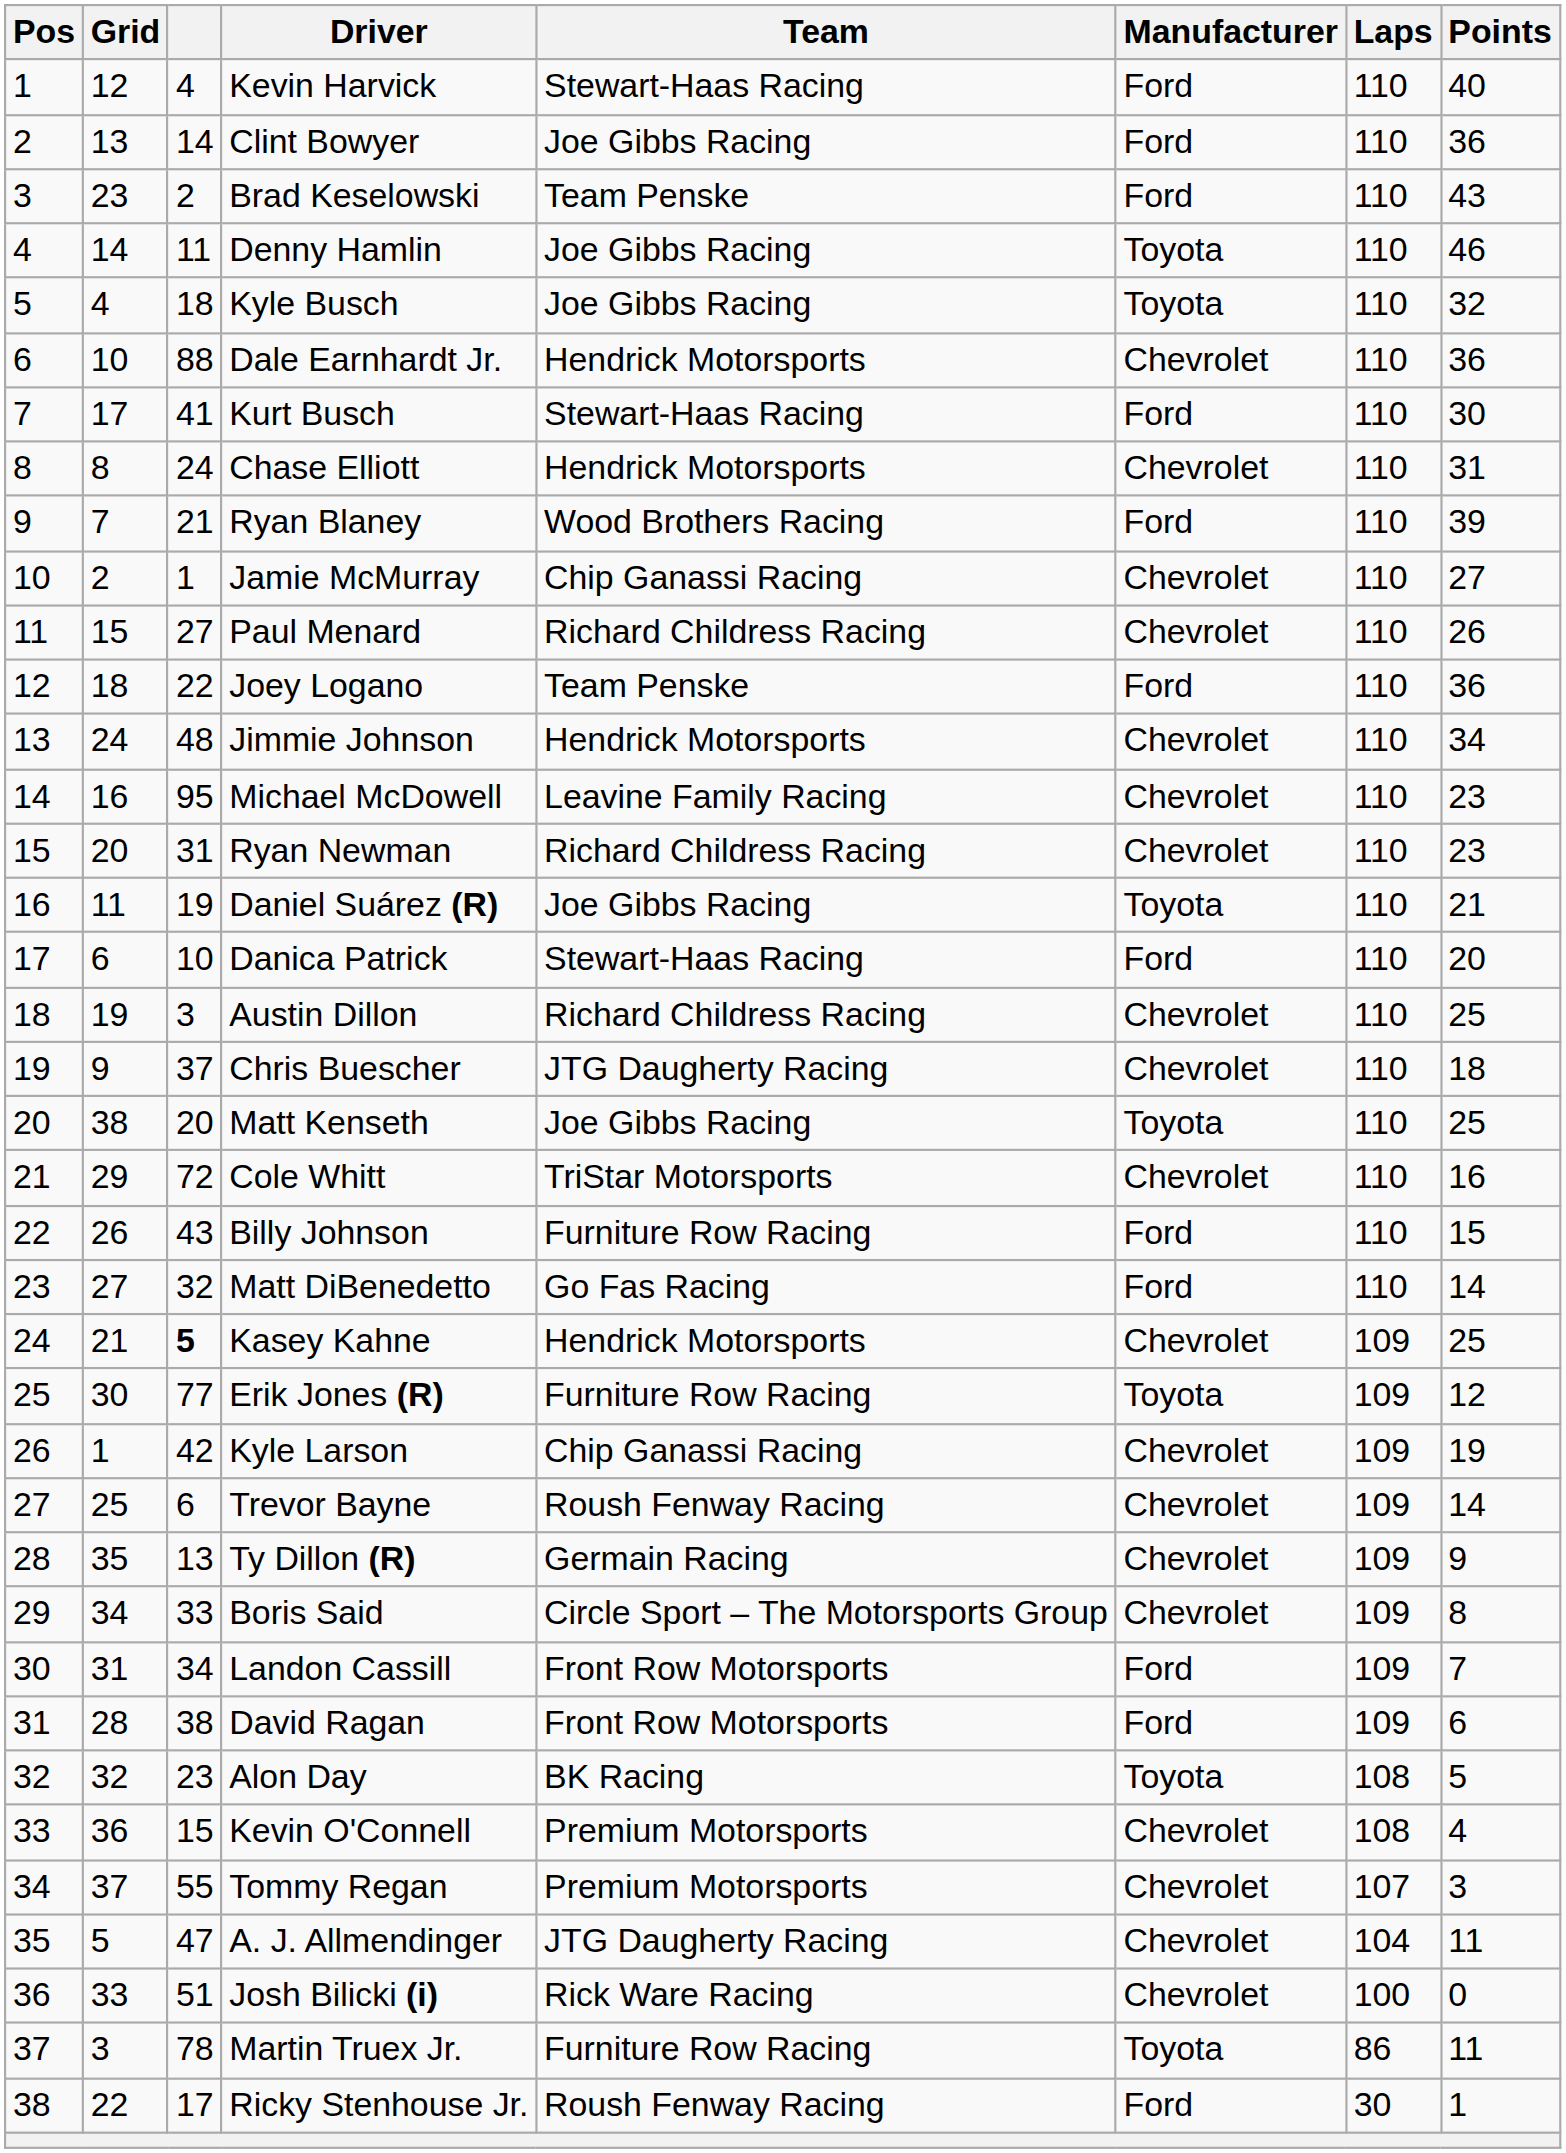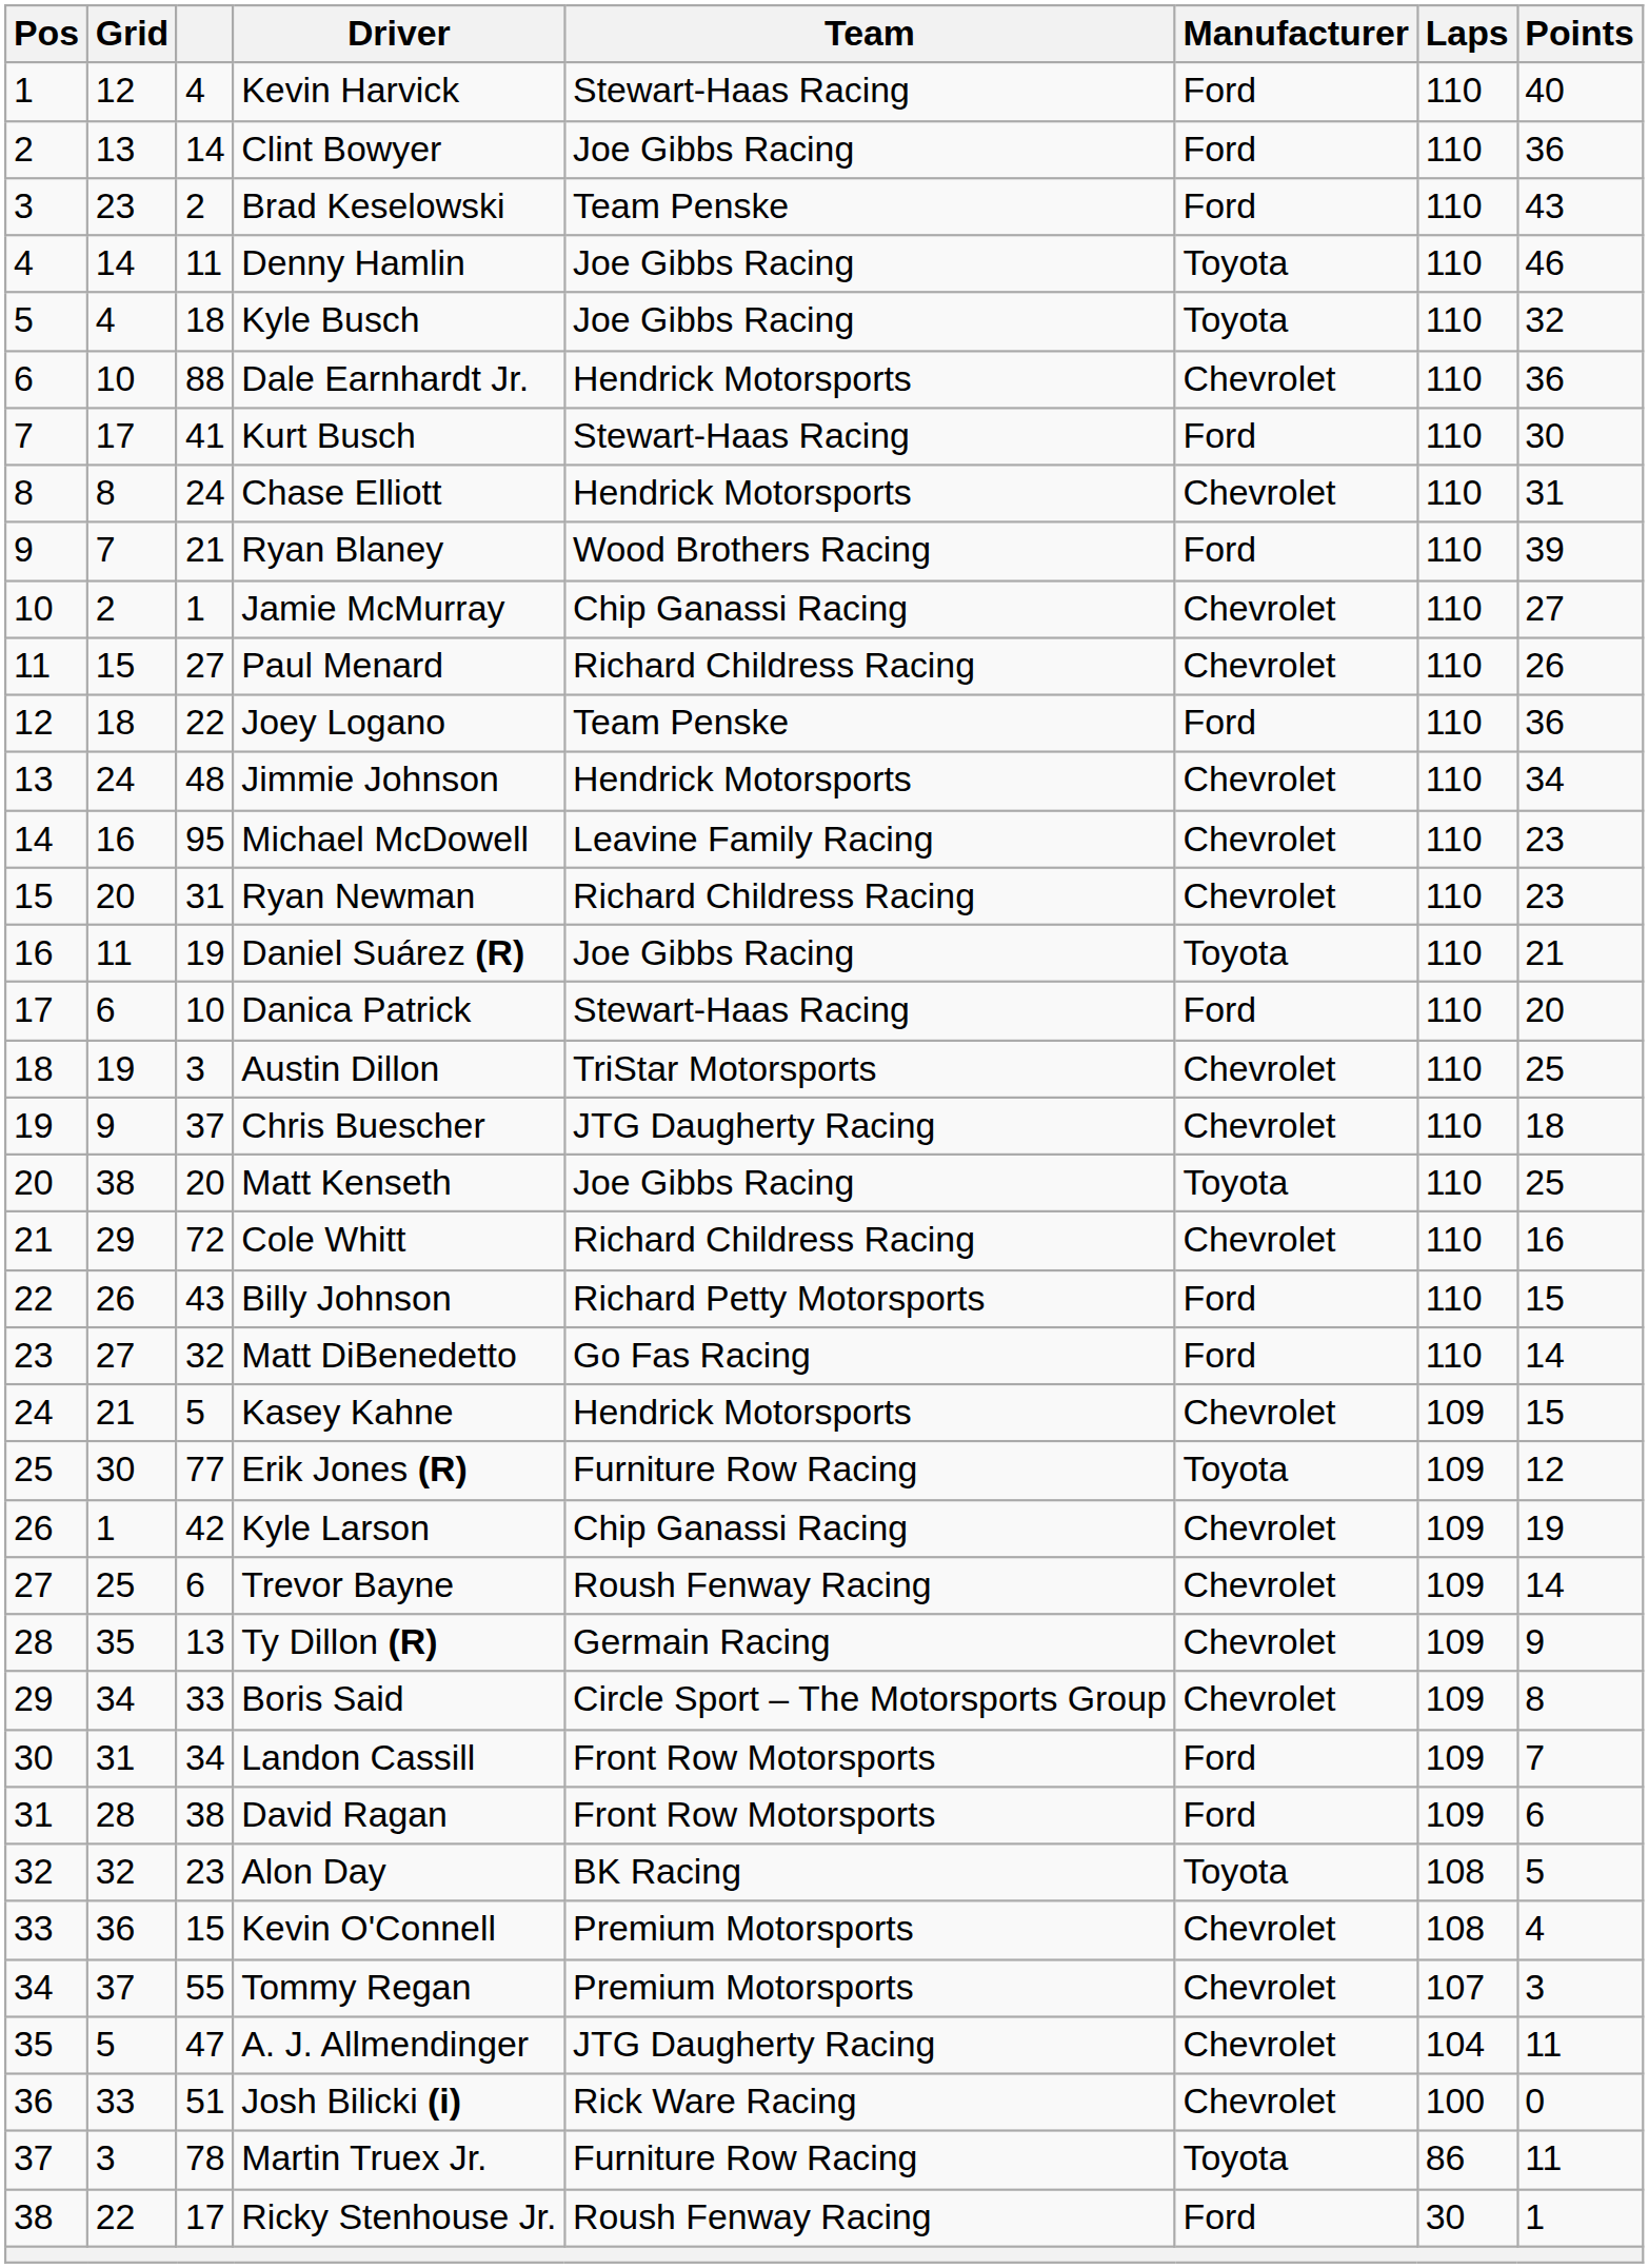 <table class="wikitable" style="font-size:98%">
 <tr>
 <th>Pos</th>
 <th>Grid</th>
 <th></th>
 <th>Driver</th>
 <th>Team</th>
 <th>Manufacturer</th>
 <th>Laps</th>
 <th>Points</th>
 </tr>
 <tr>
 <td>1</td>
 <td>12</td>
 <td>4</td>
 <td>Kevin Harvick</td>
 <td>Stewart-Haas Racing</td>
 <td>Ford</td>
 <td>110</td>
 <td>40</td>
 </tr>
 <tr>
 <td>2</td>
 <td>13</td>
 <td>14</td>
 <td>Clint Bowyer</td>
 <td>Joe Gibbs Racing</td>
 <td>Ford</td>
 <td>110</td>
 <td>36</td>
 </tr>
 <tr>
 <td>3</td>
 <td>23</td>
 <td>2</td>
 <td>Brad Keselowski</td>
 <td>Team Penske</td>
 <td>Ford</td>
 <td>110</td>
 <td>43</td>
 </tr>
 <tr>
 <td>4</td>
 <td>14</td>
 <td>11</td>
 <td>Denny Hamlin</td>
 <td>Joe Gibbs Racing</td>
 <td>Toyota</td>
 <td>110</td>
 <td>46</td>
 </tr>
 <tr>
 <td>5</td>
 <td>4</td>
 <td>18</td>
 <td>Kyle Busch</td>
 <td>Joe Gibbs Racing</td>
 <td>Toyota</td>
 <td>110</td>
 <td>32</td>
 </tr>
 <tr>
 <td>6</td>
 <td>10</td>
 <td>88</td>
 <td>Dale Earnhardt Jr.</td>
 <td>Hendrick Motorsports</td>
 <td>Chevrolet</td>
 <td>110</td>
 <td>36</td>
 </tr>
 <tr>
 <td>7</td>
 <td>17</td>
 <td>41</td>
 <td>Kurt Busch</td>
 <td>Stewart-Haas Racing</td>
 <td>Ford</td>
 <td>110</td>
 <td>30</td>
 </tr>
 <tr>
 <td>8</td>
 <td>8</td>
 <td>24</td>
 <td>Chase Elliott</td>
 <td>Hendrick Motorsports</td>
 <td>Chevrolet</td>
 <td>110</td>
 <td>31</td>
 </tr>
 <tr>
 <td>9</td>
 <td>7</td>
 <td>21</td>
 <td>Ryan Blaney</td>
 <td>Wood Brothers Racing</td>
 <td>Ford</td>
 <td>110</td>
 <td>39</td>
 </tr>
 <tr>
 <td>10</td>
 <td>2</td>
 <td>1</td>
 <td>Jamie McMurray</td>
 <td>Chip Ganassi Racing</td>
 <td>Chevrolet</td>
 <td>110</td>
 <td>27</td>
 </tr>
 <tr>
 <td>11</td>
 <td>15</td>
 <td>27</td>
 <td>Paul Menard</td>
 <td>Richard Childress Racing</td>
 <td>Chevrolet</td>
 <td>110</td>
 <td>26</td>
 </tr>
 <tr>
 <td>12</td>
 <td>18</td>
 <td>22</td>
 <td>Joey Logano</td>
 <td>Team Penske</td>
 <td>Ford</td>
 <td>110</td>
 <td>36</td>
 </tr>
 <tr>
 <td>13</td>
 <td>24</td>
 <td>48</td>
 <td>Jimmie Johnson</td>
 <td>Hendrick Motorsports</td>
 <td>Chevrolet</td>
 <td>110</td>
 <td>34</td>
 </tr>
 <tr>
 <td>14</td>
 <td>16</td>
 <td>95</td>
 <td>Michael McDowell</td>
 <td>Leavine Family Racing</td>
 <td>Chevrolet</td>
 <td>110</td>
 <td>23</td>
 </tr>
 <tr>
 <td>15</td>
 <td>20</td>
 <td>31</td>
 <td>Ryan Newman</td>
 <td>Richard Childress Racing</td>
 <td>Chevrolet</td>
 <td>110</td>
 <td>23</td>
 </tr>
 <tr>
 <td>16</td>
 <td>11</td>
 <td>19</td>
 <td>Daniel Suárez <strong>(R)</strong></td>
 <td>Joe Gibbs Racing</td>
 <td>Toyota</td>
 <td>110</td>
 <td>21</td>
 </tr>
 <tr>
 <td>17</td>
 <td>6</td>
 <td>10</td>
 <td>Danica Patrick</td>
 <td>Stewart-Haas Racing</td>
 <td>Ford</td>
 <td>110</td>
 <td>20</td>
 </tr>
 <tr>
 <td>18</td>
 <td>19</td>
 <td>3</td>
 <td>Austin Dillon</td>
-<td>Richard Childress Racing</td>
+<td>TriStar Motorsports</td>
 <td>Chevrolet</td>
 <td>110</td>
 <td>25</td>
 </tr>
 <tr>
 <td>19</td>
 <td>9</td>
 <td>37</td>
 <td>Chris Buescher</td>
 <td>JTG Daugherty Racing</td>
 <td>Chevrolet</td>
 <td>110</td>
 <td>18</td>
 </tr>
 <tr>
 <td>20</td>
 <td>38</td>
 <td>20</td>
 <td>Matt Kenseth</td>
 <td>Joe Gibbs Racing</td>
 <td>Toyota</td>
 <td>110</td>
 <td>25</td>
 </tr>
 <tr>
 <td>21</td>
 <td>29</td>
 <td>72</td>
 <td>Cole Whitt</td>
-<td>TriStar Motorsports</td>
+<td>Richard Childress Racing</td>
 <td>Chevrolet</td>
 <td>110</td>
 <td>16</td>
 </tr>
 <tr>
 <td>22</td>
 <td>26</td>
 <td>43</td>
 <td>Billy Johnson</td>
-<td>Furniture Row Racing</td>
+<td>Richard Petty Motorsports</td>
 <td>Ford</td>
 <td>110</td>
 <td>15</td>
 </tr>
 <tr>
 <td>23</td>
 <td>27</td>
 <td>32</td>
 <td>Matt DiBenedetto</td>
 <td>Go Fas Racing</td>
 <td>Ford</td>
 <td>110</td>
 <td>14</td>
 </tr>
 <tr>
 <td>24</td>
 <td>21</td>
-<td><strong>5</strong></td>
+<td>5</td>
 <td>Kasey Kahne</td>
 <td>Hendrick Motorsports</td>
 <td>Chevrolet</td>
 <td>109</td>
-<td>25</td>
+<td>15</td>
 </tr>
 <tr>
 <td>25</td>
 <td>30</td>
 <td>77</td>
 <td>Erik Jones <strong>(R)</strong></td>
 <td>Furniture Row Racing</td>
 <td>Toyota</td>
 <td>109</td>
 <td>12</td>
 </tr>
 <tr>
 <td>26</td>
 <td>1</td>
 <td>42</td>
 <td>Kyle Larson</td>
 <td>Chip Ganassi Racing</td>
 <td>Chevrolet</td>
 <td>109</td>
 <td>19</td>
 </tr>
 <tr>
 <td>27</td>
 <td>25</td>
 <td>6</td>
 <td>Trevor Bayne</td>
 <td>Roush Fenway Racing</td>
 <td>Chevrolet</td>
 <td>109</td>
 <td>14</td>
 </tr>
 <tr>
 <td>28</td>
 <td>35</td>
 <td>13</td>
 <td>Ty Dillon <strong>(R)</strong></td>
 <td>Germain Racing</td>
 <td>Chevrolet</td>
 <td>109</td>
 <td>9</td>
 </tr>
 <tr>
 <td>29</td>
 <td>34</td>
 <td>33</td>
 <td>Boris Said</td>
 <td>Circle Sport – The Motorsports Group</td>
 <td>Chevrolet</td>
 <td>109</td>
 <td>8</td>
 </tr>
 <tr>
 <td>30</td>
 <td>31</td>
 <td>34</td>
 <td>Landon Cassill</td>
 <td>Front Row Motorsports</td>
 <td>Ford</td>
 <td>109</td>
 <td>7</td>
 </tr>
 <tr>
 <td>31</td>
 <td>28</td>
 <td>38</td>
 <td>David Ragan</td>
 <td>Front Row Motorsports</td>
 <td>Ford</td>
 <td>109</td>
 <td>6</td>
 </tr>
 <tr>
 <td>32</td>
 <td>32</td>
 <td>23</td>
 <td>Alon Day</td>
 <td>BK Racing</td>
 <td>Toyota</td>
 <td>108</td>
 <td>5</td>
 </tr>
 <tr>
 <td>33</td>
 <td>36</td>
 <td>15</td>
 <td>Kevin O'Connell</td>
 <td>Premium Motorsports</td>
 <td>Chevrolet</td>
 <td>108</td>
 <td>4</td>
 </tr>
 <tr>
 <td>34</td>
 <td>37</td>
 <td>55</td>
 <td>Tommy Regan</td>
 <td>Premium Motorsports</td>
 <td>Chevrolet</td>
 <td>107</td>
 <td>3</td>
 </tr>
 <tr>
 <td>35</td>
 <td>5</td>
 <td>47</td>
 <td>A. J. Allmendinger</td>
 <td>JTG Daugherty Racing</td>
 <td>Chevrolet</td>
 <td>104</td>
 <td>11</td>
 </tr>
 <tr>
 <td>36</td>
 <td>33</td>
 <td>51</td>
 <td>Josh Bilicki <strong>(i)</strong></td>
 <td>Rick Ware Racing</td>
 <td>Chevrolet</td>
 <td>100</td>
 <td>0</td>
 </tr>
 <tr>
 <td>37</td>
 <td>3</td>
 <td>78</td>
 <td>Martin Truex Jr.</td>
 <td>Furniture Row Racing</td>
 <td>Toyota</td>
 <td>86</td>
 <td>11</td>
 </tr>
 <tr>
 <td>38</td>
 <td>22</td>
 <td>17</td>
 <td>Ricky Stenhouse Jr.</td>
 <td>Roush Fenway Racing</td>
 <td>Ford</td>
 <td>30</td>
 <td>1</td>
 </tr>
 <tr>
 <th colspan="8"></th>
 </tr>
 </table>
